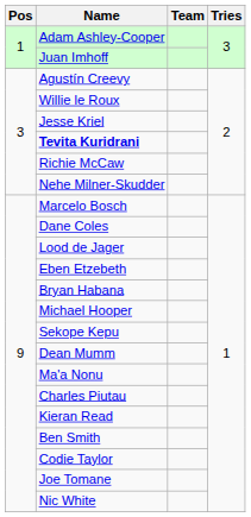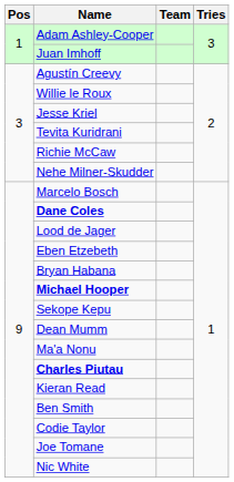 <table class="wikitable" style="text-align:center">
 <tr>
 <th>Pos</th>
 <th>Name</th>
 <th>Team</th>
 <th>Tries</th>
 </tr>
 <tr style="background:#d0ffd0">
 <td rowspan=2>1</td>
 <td align="left"><a href='#'>Adam Ashley-Cooper</a></td>
 <td align="left"></td>
 <td rowspan=2>3</td>
 </tr>
 <tr style="background:#d0ffd0">
 <td align="left"><a href='#'>Juan Imhoff</a></td>
 <td align="left"></td>
 </tr>
 <tr>
 <td rowspan=6>3</td>
 <td align="left"><a href='#'>Agustín Creevy</a></td>
 <td align="left"></td>
 <td rowspan=6>2</td>
 </tr>
 <tr>
 <td align="left"><a href='#'>Willie le Roux</a></td>
 <td align="left"></td>
 </tr>
 <tr>
 <td align="left"><a href='#'>Jesse Kriel</a></td>
 <td align="left"></td>
 </tr>
 <tr>
-<td align="left"><strong><a href='#'>Tevita Kuridrani</a></strong></td>
+<td align="left"><a href='#'>Tevita Kuridrani</a></td>
 <td align="left"></td>
 </tr>
 <tr>
 <td align="left"><a href='#'>Richie McCaw</a></td>
 <td align="left"></td>
 </tr>
 <tr>
 <td align="left"><a href='#'>Nehe Milner-Skudder</a></td>
 <td align="left"></td>
 </tr>
 <tr>
 <td rowspan=15>9</td>
 <td align="left"><a href='#'>Marcelo Bosch</a></td>
 <td align="left"></td>
 <td rowspan=15>1</td>
 </tr>
 <tr>
-<td align="left"><a href='#'>Dane Coles</a></td>
+<td align="left"><strong><a href='#'>Dane Coles</a></strong></td>
 <td align="left"></td>
 </tr>
 <tr>
 <td align="left"><a href='#'>Lood de Jager</a></td>
 <td align="left"></td>
 </tr>
 <tr>
 <td align="left"><a href='#'>Eben Etzebeth</a></td>
 <td align="left"></td>
 </tr>
 <tr>
 <td align="left"><a href='#'>Bryan Habana</a></td>
 <td align="left"></td>
 </tr>
 <tr>
-<td align="left"><a href='#'>Michael Hooper</a></td>
+<td align="left"><strong><a href='#'>Michael Hooper</a></strong></td>
 <td align="left"></td>
 </tr>
 <tr>
 <td align="left"><a href='#'>Sekope Kepu</a></td>
 <td align="left"></td>
 </tr>
 <tr>
 <td align="left"><a href='#'>Dean Mumm</a></td>
 <td align="left"></td>
 </tr>
 <tr>
 <td align="left"><a href='#'>Ma'a Nonu</a></td>
 <td align="left"></td>
 </tr>
 <tr>
-<td align="left"><a href='#'>Charles Piutau</a></td>
+<td align="left"><strong><a href='#'>Charles Piutau</a></strong></td>
 <td align="left"></td>
 </tr>
 <tr>
 <td align="left"><a href='#'>Kieran Read</a></td>
 <td align="left"></td>
 </tr>
 <tr>
 <td align="left"><a href='#'>Ben Smith</a></td>
 <td align="left"></td>
 </tr>
 <tr>
 <td align="left"><a href='#'>Codie Taylor</a></td>
 <td align="left"></td>
 </tr>
 <tr>
 <td align="left"><a href='#'>Joe Tomane</a></td>
 <td align="left"></td>
 </tr>
 <tr>
 <td align="left"><a href='#'>Nic White</a></td>
 <td align="left"></td>
 </tr>
 </table>
